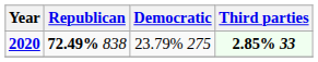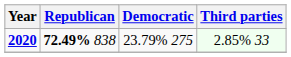 <table class="wikitable" style="float:right; font-size:95%;">
 <tr bgcolor=lightgrey>
 <th>Year</th>
 <th><a href='#'>Republican</a></th>
 <th><a href='#'>Democratic</a></th>
 <th><a href='#'>Third parties</a></th>
 </tr>
 <tr>
 <td style="text-align:center;" ><strong><a href='#'>2020</a></strong></td>
 <td style="text-align:center;" ><strong>72.49%</strong> <em>838</em></td>
 <td style="text-align:center;" >23.79% <em>275</em></td>
-<td style="text-align:center; background:honeyDew;"><strong>2.85% <em>33</em></strong></td>
+<td style="text-align:center; background:honeyDew;">2.85% <em>33</em></td>
 </tr>
 <tr>
 </tr>
 </table>
